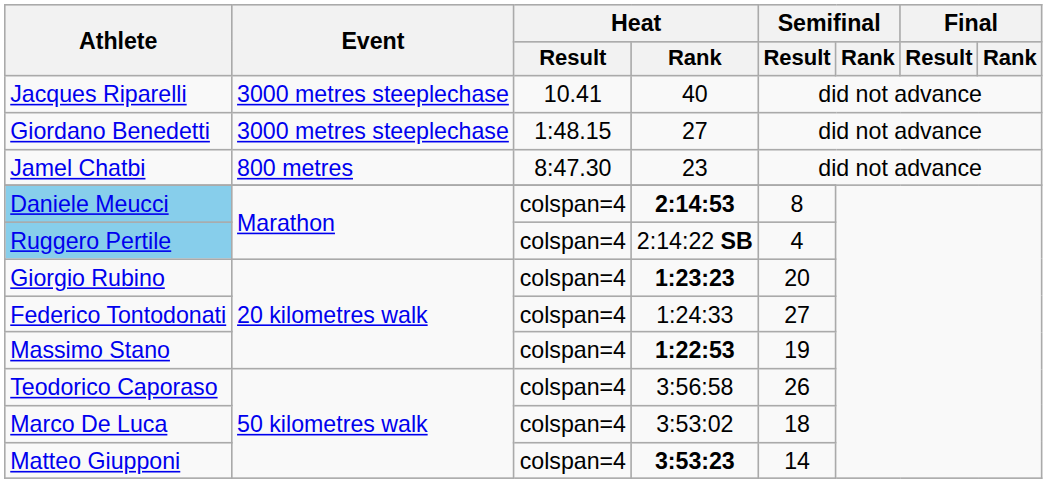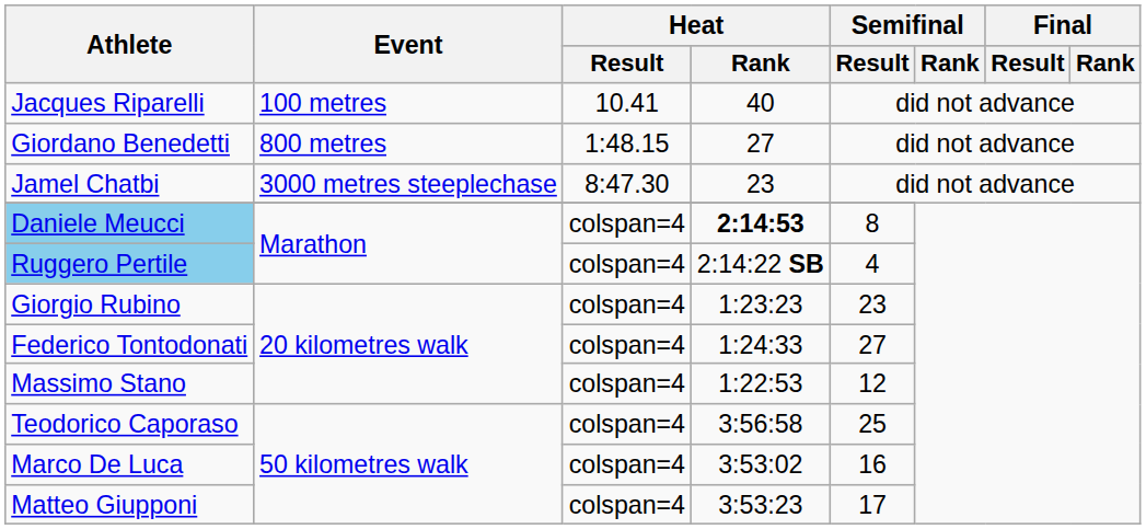 <table class="wikitable" style="font-size:90%">
 <tr>
 <th rowspan="2">Athlete</th>
 <th rowspan="2">Event</th>
 <th colspan="2">Heat</th>
 <th colspan="2">Semifinal</th>
 <th colspan="2">Final</th>
 </tr>
 <tr style="font-size:95%">
 <th>Result</th>
 <th>Rank</th>
 <th>Result</th>
 <th>Rank</th>
 <th>Result</th>
 <th>Rank</th>
 </tr>
 <tr style=text-align:center>
 <td style=text-align:left><a href='#'>Jacques Riparelli</a></td>
-<td style=text-align:left><a href='#'>3000 metres steeplechase</a></td>
+<td style=text-align:left><a href='#'>100 metres</a></td>
 <td>10.41</td>
 <td>40</td>
 <td colspan="4">did not advance</td>
 </tr>
 <tr style=text-align:center>
 <td style=text-align:left><a href='#'>Giordano Benedetti</a></td>
-<td style=text-align:left><a href='#'>3000 metres steeplechase</a></td>
+<td style=text-align:left><a href='#'>800 metres</a></td>
 <td>1:48.15</td>
 <td>27</td>
 <td colspan="4">did not advance</td>
 </tr>
 <tr style=text-align:center>
 <td style=text-align:left><a href='#'>Jamel Chatbi</a></td>
-<td style=text-align:left><a href='#'>800 metres</a></td>
+<td style=text-align:left><a href='#'>3000 metres steeplechase</a></td>
 <td>8:47.30</td>
 <td>23</td>
 <td colspan="4">did not advance</td>
 </tr>
 <tr>
 </tr>
 <tr style=text-align:center>
 <td style=text-align:left bgcolor=SkyBlue><a href='#'>Daniele Meucci</a></td>
 <td style=text-align:left rowspan=2><a href='#'>Marathon</a></td>
 <td>colspan=4 </td>
 <td><strong>2:14:53</strong></td>
 <td>8</td>
 </tr>
 <tr style=text-align:center>
 <td style=text-align:left bgcolor=SkyBlue><a href='#'>Ruggero Pertile</a></td>
 <td>colspan=4 </td>
 <td>2:14:22 <strong>SB</strong></td>
 <td>4</td>
 </tr>
 <tr style=text-align:center>
 <td style=text-align:left><a href='#'>Giorgio Rubino</a></td>
 <td style=text-align:left rowspan=3><a href='#'>20 kilometres walk</a></td>
 <td>colspan=4 </td>
-<td><strong>1:23:23</strong></td>
-<td>20</td>
+<td>1:23:23</td>
+<td>23</td>
 </tr>
 <tr style=text-align:center>
 <td style=text-align:left><a href='#'>Federico Tontodonati</a></td>
 <td>colspan=4 </td>
 <td>1:24:33</td>
 <td>27</td>
 </tr>
 <tr style=text-align:center>
 <td style=text-align:left><a href='#'>Massimo Stano</a></td>
 <td>colspan=4 </td>
-<td><strong>1:22:53</strong></td>
-<td>19</td>
+<td>1:22:53</td>
+<td>12</td>
 </tr>
 <tr style=text-align:center>
 <td style=text-align:left><a href='#'>Teodorico Caporaso</a></td>
 <td style=text-align:left rowspan=3><a href='#'>50 kilometres walk</a></td>
 <td>colspan=4 </td>
 <td>3:56:58</td>
-<td>26</td>
+<td>25</td>
 </tr>
 <tr style=text-align:center>
 <td style=text-align:left><a href='#'>Marco De Luca</a></td>
 <td>colspan=4 </td>
 <td>3:53:02</td>
-<td>18</td>
+<td>16</td>
 </tr>
 <tr style=text-align:center>
 <td style=text-align:left><a href='#'>Matteo Giupponi</a></td>
 <td>colspan=4 </td>
-<td><strong>3:53:23</strong></td>
-<td>14</td>
+<td>3:53:23</td>
+<td>17</td>
 </tr>
 </table>
